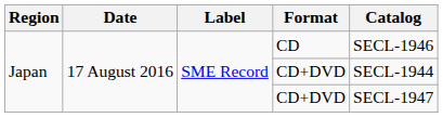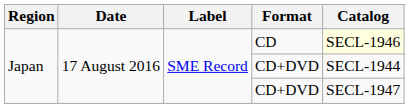 <table class="wikitable">
 <tr>
 <th>Region</th>
 <th>Date</th>
 <th>Label</th>
 <th>Format</th>
 <th>Catalog</th>
 </tr>
 <tr>
 <td rowspan="3">Japan</td>
 <td rowspan="3">17 August 2016</td>
 <td rowspan="3"><a href='#'>SME Record</a></td>
 <td>CD</td>
-<td>SECL-1946</td>
+<td style="background: lightyellow;">SECL-1946</td>
 </tr>
 <tr>
 <td>CD+DVD</td>
 <td>SECL-1944</td>
 </tr>
 <tr>
 <td>CD+DVD</td>
 <td>SECL-1947</td>
 </tr>
 </table>
